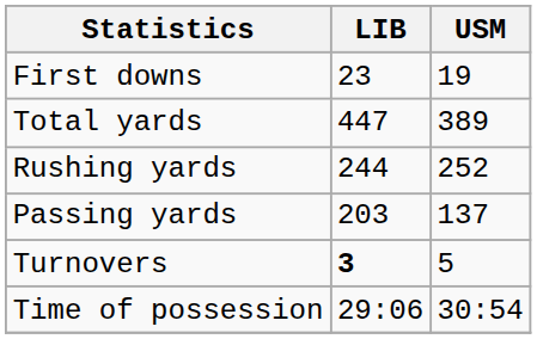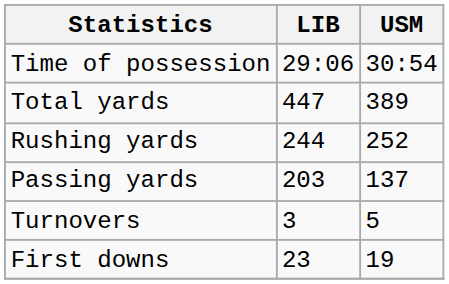 <table class="wikitable">
 <tr>
 <th>Statistics</th>
 <th>LIB</th>
 <th>USM</th>
 </tr>
 <tr>
-<td>First downs</td>
-<td>23</td>
-<td>19</td>
+<td>Time of possession</td>
+<td>29:06</td>
+<td>30:54</td>
 </tr>
 <tr>
 <td>Total yards</td>
 <td>447</td>
 <td>389</td>
 </tr>
 <tr>
 <td>Rushing yards</td>
 <td>244</td>
 <td>252</td>
 </tr>
 <tr>
 <td>Passing yards</td>
 <td>203</td>
 <td>137</td>
 </tr>
 <tr>
 <td>Turnovers</td>
-<td><strong>3</strong></td>
+<td>3</td>
 <td>5</td>
 </tr>
 <tr>
-<td>Time of possession</td>
-<td>29:06</td>
-<td>30:54</td>
+<td>First downs</td>
+<td>23</td>
+<td>19</td>
 </tr>
 <tr>
 </tr>
 </table>
